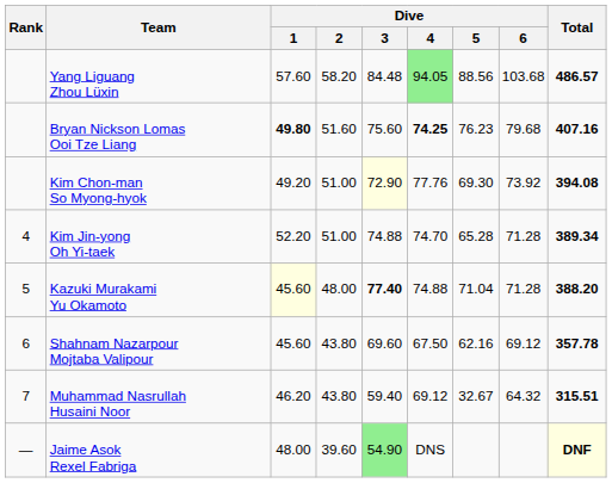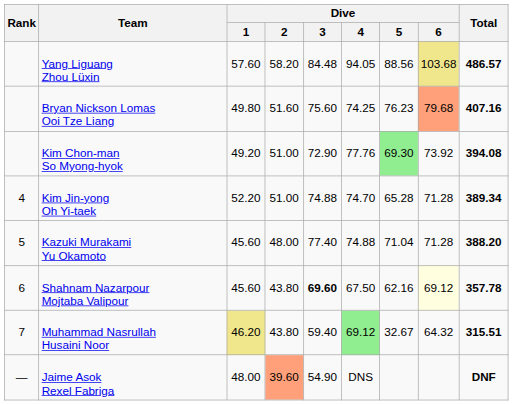 <table class=wikitable style="text-align:center">
 <tr>
 <th rowspan="2" width=40>Rank</th>
 <th rowspan="2" width=250>Team</th>
 <th colspan="6">Dive</th>
 <th rowspan="2" width=60>Total</th>
 </tr>
 <tr>
 <th width=45>1</th>
 <th width=45>2</th>
 <th width=45>3</th>
 <th width=45>4</th>
 <th width=45>5</th>
 <th width=45>6</th>
 </tr>
 <tr>
 <td></td>
 <td align=left><br><a href='#'>Yang Liguang</a><br><a href='#'>Zhou Lüxin</a></td>
 <td>57.60</td>
 <td>58.20</td>
 <td>84.48</td>
-<td style="background: lightgreen;">94.05</td>
+<td>94.05</td>
 <td>88.56</td>
-<td>103.68</td>
+<td style="background: khaki;">103.68</td>
 <td><strong>486.57</strong></td>
 </tr>
 <tr>
 <td></td>
 <td align=left><br><a href='#'>Bryan Nickson Lomas</a><br><a href='#'>Ooi Tze Liang</a></td>
-<td><strong>49.80</strong></td>
+<td>49.80</td>
 <td>51.60</td>
 <td>75.60</td>
-<td><strong>74.25</strong></td>
+<td>74.25</td>
 <td>76.23</td>
-<td>79.68</td>
+<td style="background: lightsalmon;">79.68</td>
 <td><strong>407.16</strong></td>
 </tr>
 <tr>
 <td></td>
 <td align=left><br><a href='#'>Kim Chon-man</a><br><a href='#'>So Myong-hyok</a></td>
 <td>49.20</td>
 <td>51.00</td>
-<td style="background: lightyellow;">72.90</td>
+<td>72.90</td>
 <td>77.76</td>
-<td>69.30</td>
+<td style="background: lightgreen;">69.30</td>
 <td>73.92</td>
 <td><strong>394.08</strong></td>
 </tr>
 <tr>
 <td>4</td>
 <td align=left><br><a href='#'>Kim Jin-yong</a><br><a href='#'>Oh Yi-taek</a></td>
 <td>52.20</td>
 <td>51.00</td>
 <td>74.88</td>
 <td>74.70</td>
 <td>65.28</td>
 <td>71.28</td>
 <td><strong>389.34</strong></td>
 </tr>
 <tr>
 <td>5</td>
 <td align=left><br><a href='#'>Kazuki Murakami</a><br><a href='#'>Yu Okamoto</a></td>
-<td style="background: lightyellow;">45.60</td>
+<td>45.60</td>
 <td>48.00</td>
-<td><strong>77.40</strong></td>
+<td>77.40</td>
 <td>74.88</td>
 <td>71.04</td>
 <td>71.28</td>
 <td><strong>388.20</strong></td>
 </tr>
 <tr>
 <td>6</td>
 <td align=left><br><a href='#'>Shahnam Nazarpour</a><br><a href='#'>Mojtaba Valipour</a></td>
 <td>45.60</td>
 <td>43.80</td>
-<td>69.60</td>
+<td><strong>69.60</strong></td>
 <td>67.50</td>
 <td>62.16</td>
-<td>69.12</td>
+<td style="background: lightyellow;">69.12</td>
 <td><strong>357.78</strong></td>
 </tr>
 <tr>
 <td>7</td>
 <td align=left><br><a href='#'>Muhammad Nasrullah</a><br><a href='#'>Husaini Noor</a></td>
-<td>46.20</td>
+<td style="background: khaki;">46.20</td>
 <td>43.80</td>
 <td>59.40</td>
-<td>69.12</td>
+<td style="background: lightgreen;">69.12</td>
 <td>32.67</td>
 <td>64.32</td>
 <td><strong>315.51</strong></td>
 </tr>
 <tr>
 <td>—</td>
 <td align=left><br><a href='#'>Jaime Asok</a><br><a href='#'>Rexel Fabriga</a></td>
 <td>48.00</td>
-<td>39.60</td>
-<td style="background: lightgreen;">54.90</td>
+<td style="background: lightsalmon;">39.60</td>
+<td>54.90</td>
 <td>DNS</td>
 <td></td>
 <td></td>
-<td style="background: lightyellow;"><strong>DNF</strong></td>
+<td><strong>DNF</strong></td>
 </tr>
 </table>
